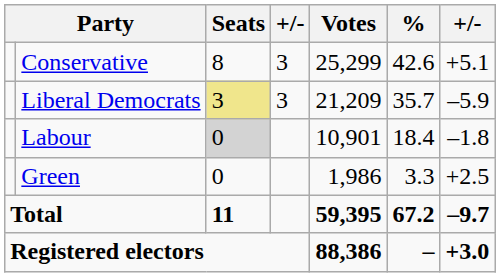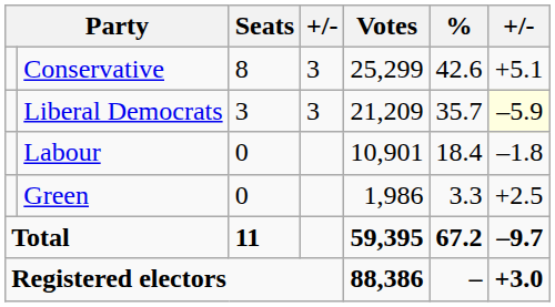 <table class="wikitable sortable">
 <tr>
 <th colspan="2">Party</th>
 <th>Seats</th>
 <th>+/-</th>
 <th>Votes</th>
 <th>%</th>
 <th>+/-</th>
 </tr>
 <tr>
 <td style="background-color: "></td>
 <td><a href='#'>Conservative</a></td>
 <td>8</td>
 <td> 3</td>
 <td style="text-align:right;">25,299</td>
 <td style="text-align:right;">42.6</td>
 <td style="text-align:right;">+5.1</td>
 </tr>
 <tr>
 <td style="background-color: "></td>
 <td><a href='#'>Liberal Democrats</a></td>
-<td style="background: khaki;">3</td>
+<td>3</td>
 <td> 3</td>
 <td style="text-align:right;">21,209</td>
 <td style="text-align:right;">35.7</td>
-<td style="text-align:right;">–5.9</td>
+<td style="background: lightyellow; text-align:right;">–5.9</td>
 </tr>
 <tr>
 <td style="background-color: "></td>
 <td><a href='#'>Labour</a></td>
-<td style="background: lightgrey;">0</td>
+<td>0</td>
 <td></td>
 <td style="text-align:right;">10,901</td>
 <td style="text-align:right;">18.4</td>
 <td style="text-align:right;">–1.8</td>
 </tr>
 <tr>
 <td style="background-color: "></td>
 <td><a href='#'>Green</a></td>
 <td>0</td>
 <td></td>
 <td style="text-align:right;">1,986</td>
 <td style="text-align:right;">3.3</td>
 <td style="text-align:right;">+2.5</td>
 </tr>
 <tr>
 <td colspan="2"><strong>Total</strong></td>
 <td><strong>11</strong></td>
 <td></td>
 <td style="text-align:right;"><strong>59,395</strong></td>
 <td style="text-align:right;"><strong>67.2</strong></td>
 <td style="text-align:right;"><strong>–9.7</strong></td>
 </tr>
 <tr>
 <td colspan="4"><strong>Registered electors</strong></td>
 <td style="text-align:right;"><strong>88,386</strong></td>
 <td style="text-align:right;"><strong>–</strong></td>
 <td style="text-align:right;"><strong>+3.0</strong></td>
 </tr>
 </table>
